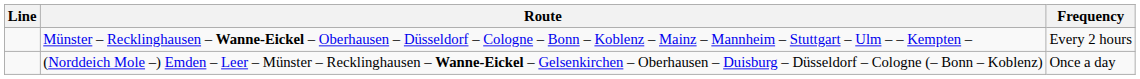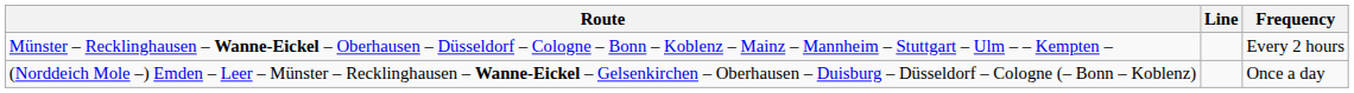 <table class="wikitable">
 <tr>
+<th>Route</th>
 <th>Line</th>
-<th>Route</th>
 <th>Frequency</th>
 </tr>
 <tr>
+<td><a href='#'>Münster</a> – <a href='#'>Recklinghausen</a> – <strong>Wanne-Eickel</strong> – <a href='#'>Oberhausen</a> – <a href='#'>Düsseldorf</a> – <a href='#'>Cologne</a> – <a href='#'>Bonn</a> – <a href='#'>Koblenz</a> – <a href='#'>Mainz</a> – <a href='#'>Mannheim</a> – <a href='#'>Stuttgart</a> – <a href='#'>Ulm</a> –  – <a href='#'>Kempten</a> – </td>
 <td></td>
-<td><a href='#'>Münster</a> – <a href='#'>Recklinghausen</a> – <strong>Wanne-Eickel</strong> – <a href='#'>Oberhausen</a> – <a href='#'>Düsseldorf</a> – <a href='#'>Cologne</a> – <a href='#'>Bonn</a> – <a href='#'>Koblenz</a> – <a href='#'>Mainz</a> – <a href='#'>Mannheim</a> – <a href='#'>Stuttgart</a> – <a href='#'>Ulm</a> –  – <a href='#'>Kempten</a> – </td>
 <td>Every 2 hours</td>
 </tr>
 <tr>
+<td>(<a href='#'>Norddeich Mole</a> –) <a href='#'>Emden</a> – <a href='#'>Leer</a> – Münster – Recklinghausen – <strong>Wanne-Eickel</strong> – <a href='#'>Gelsenkirchen</a> – Oberhausen  – <a href='#'>Duisburg</a> – Düsseldorf  – Cologne (– Bonn – Koblenz)</td>
 <td></td>
-<td>(<a href='#'>Norddeich Mole</a> –) <a href='#'>Emden</a> – <a href='#'>Leer</a> – Münster – Recklinghausen – <strong>Wanne-Eickel</strong> – <a href='#'>Gelsenkirchen</a> – Oberhausen  – <a href='#'>Duisburg</a> – Düsseldorf  – Cologne (– Bonn – Koblenz)</td>
 <td>Once a day</td>
 </tr>
 </table>
